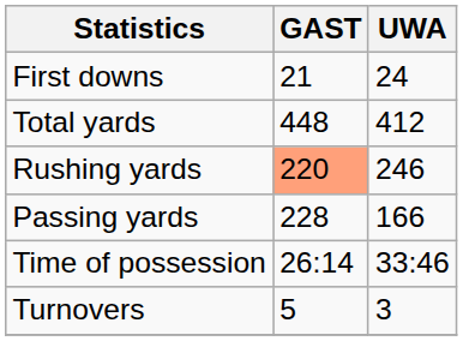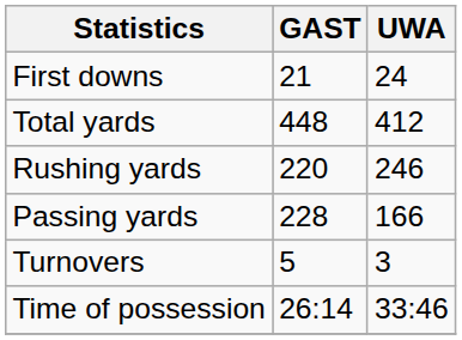 <table class="wikitable">
 <tr>
 <th>Statistics</th>
 <th>GAST</th>
 <th>UWA</th>
 </tr>
 <tr>
 <td>First downs</td>
 <td>21</td>
 <td>24</td>
 </tr>
 <tr>
 <td>Total yards</td>
 <td>448</td>
 <td>412</td>
 </tr>
 <tr>
 <td>Rushing yards</td>
-<td style="background: lightsalmon;">220</td>
+<td>220</td>
 <td>246</td>
 </tr>
 <tr>
 <td>Passing yards</td>
 <td>228</td>
 <td>166</td>
 </tr>
 <tr>
+<td>Turnovers</td>
+<td>5</td>
+<td>3</td>
+</tr>
+<tr>
 <td>Time of possession</td>
 <td>26:14</td>
 <td>33:46</td>
 </tr>
 <tr>
-<td>Turnovers</td>
-<td>5</td>
-<td>3</td>
-</tr>
-<tr>
 </tr>
 </table>
